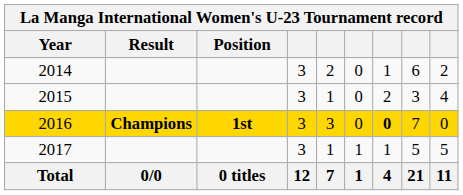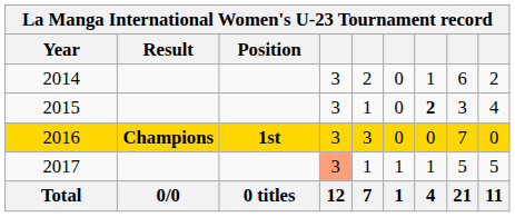 <table class="wikitable" style="text-align: center;">
 <tr>
 <th colspan=9> La Manga International Women's U-23 Tournament record</th>
 </tr>
 <tr>
 <th width="90">Year</th>
 <th width="80">Result</th>
 <th width="80">Position</th>
 <th width="20"></th>
 <th width="20"></th>
 <th width="20"></th>
 <th width="20"></th>
 <th width="20"></th>
 <th width="20"></th>
 </tr>
 <tr>
 <td>2014</td>
 <td></td>
 <td></td>
 <td>3</td>
 <td>2</td>
 <td>0</td>
 <td>1</td>
 <td>6</td>
 <td>2</td>
 </tr>
 <tr>
 <td>2015</td>
 <td></td>
 <td></td>
 <td>3</td>
 <td>1</td>
 <td>0</td>
-<td>2</td>
+<td><strong>2</strong></td>
 <td>3</td>
 <td>4</td>
 </tr>
 <tr style="background:gold;">
 <td>2016</td>
 <td><strong>Champions</strong></td>
 <td><strong>1st</strong></td>
 <td>3</td>
 <td>3</td>
 <td>0</td>
-<td><strong>0</strong></td>
+<td>0</td>
 <td>7</td>
 <td>0</td>
 </tr>
 <tr>
 <td>2017</td>
 <td></td>
 <td></td>
-<td>3</td>
+<td style="background: lightsalmon;">3</td>
 <td>1</td>
 <td>1</td>
 <td>1</td>
 <td>5</td>
 <td>5</td>
 </tr>
 <tr>
 <th>Total</th>
 <th>0/0</th>
 <th>0 titles</th>
 <th>12</th>
 <th>7</th>
 <th>1</th>
 <th>4</th>
 <th>21</th>
 <th>11</th>
 </tr>
 </table>
